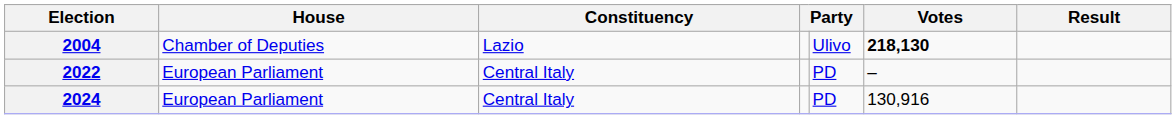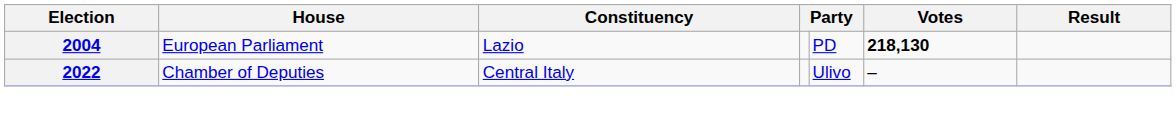 <table class=wikitable style="width:55%; border:1px #AAAAFF solid">
 <tr>
 <th width=12%>Election</th>
 <th width=25%>House</th>
 <th width=25%>Constituency</th>
 <th width=5% colspan="2">Party</th>
 <th width=12%>Votes</th>
 <th width=12%>Result</th>
 </tr>
 <tr>
 <th><a href='#'>2004</a></th>
-<td><a href='#'>Chamber of Deputies</a></td>
+<td><a href='#'>European Parliament</a></td>
 <td><a href='#'>Lazio</a></td>
 <td></td>
-<td><a href='#'>Ulivo</a></td>
+<td><a href='#'>PD</a></td>
 <td><strong>218,130</strong></td>
 <td></td>
 </tr>
 <tr>
 <th><a href='#'>2022</a></th>
-<td><a href='#'>European Parliament</a></td>
+<td><a href='#'>Chamber of Deputies</a></td>
 <td><a href='#'>Central Italy</a></td>
 <td></td>
-<td><a href='#'>PD</a></td>
+<td><a href='#'>Ulivo</a></td>
 <td>–</td>
-<td></td>
-</tr>
-<tr>
-<th><a href='#'>2024</a></th>
-<td><a href='#'>European Parliament</a></td>
-<td><a href='#'>Central Italy</a></td>
-<td></td>
-<td><a href='#'>PD</a></td>
-<td>130,916</td>
 <td></td>
 </tr>
 <tr>
 </tr>
 </table>
